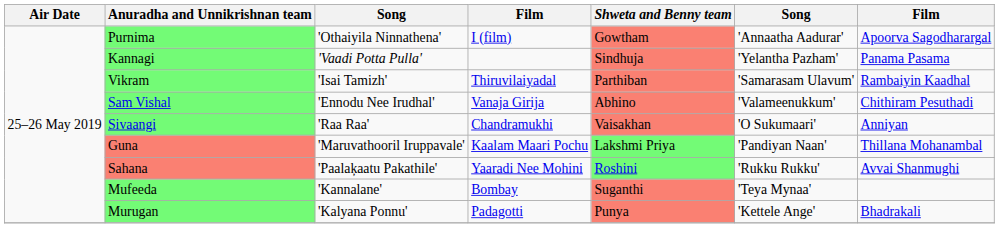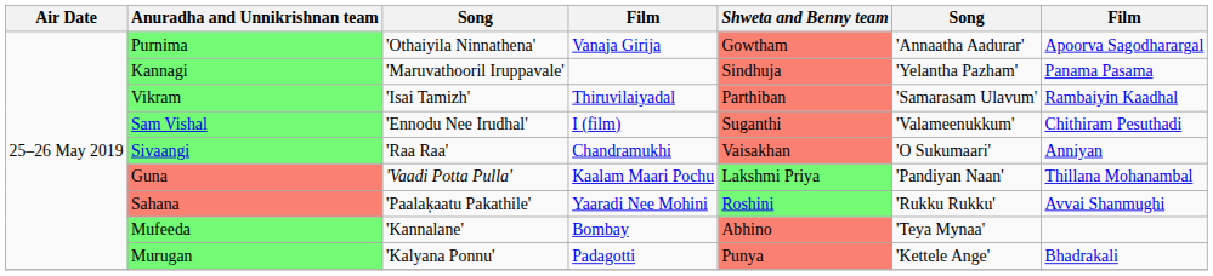 <table class="wikitable sortable">
 <tr>
 <th>Air Date</th>
 <th>Anuradha and Unnikrishnan team</th>
 <th>Song</th>
 <th>Film</th>
 <th><em>Shweta and Benny team</em></th>
 <th>Song</th>
 <th>Film</th>
 </tr>
 <tr>
 <td rowspan="9">25–26 May 2019</td>
 <td style="background:#73FB76;">Purnima</td>
 <td>'Othaiyila Ninnathena'</td>
-<td><a href='#'>I (film)</a></td>
+<td><a href='#'>Vanaja Girija</a></td>
 <td style="background:salmon">Gowtham</td>
 <td>'Annaatha Aadurar'</td>
 <td><a href='#'>Apoorva Sagodharargal</a></td>
 </tr>
 <tr>
 <td style="background:#73FB76;">Kannagi</td>
-<td><em> 'Vaadi Potta Pulla' </em></td>
+<td>'Maruvathooril Iruppavale'</td>
 <td></td>
 <td style="background:salmon">Sindhuja</td>
 <td>'Yelantha Pazham'</td>
 <td><a href='#'>Panama Pasama</a></td>
 </tr>
 <tr>
 <td style="background:#73FB76;">Vikram</td>
 <td>'Isai Tamizh'</td>
 <td><a href='#'>Thiruvilaiyadal</a></td>
 <td style="background:salmon">Parthiban</td>
 <td>'Samarasam Ulavum'</td>
 <td><a href='#'>Rambaiyin Kaadhal</a></td>
 </tr>
 <tr>
 <td style="background:#73FB76;"><a href='#'>Sam Vishal</a></td>
 <td>'Ennodu Nee Irudhal'</td>
-<td><a href='#'>Vanaja Girija</a></td>
-<td style="background:salmon">Abhino</td>
+<td><a href='#'>I (film)</a></td>
+<td style="background:salmon">Suganthi</td>
 <td>'Valameenukkum'</td>
 <td><a href='#'>Chithiram Pesuthadi</a></td>
 </tr>
 <tr>
 <td style="background:#73FB76;"><a href='#'>Sivaangi</a></td>
 <td>'Raa Raa'</td>
 <td><a href='#'>Chandramukhi</a></td>
 <td style="background:salmon">Vaisakhan</td>
 <td>'O Sukumaari'</td>
 <td><a href='#'>Anniyan</a></td>
 </tr>
 <tr>
 <td style="background:salmon">Guna</td>
-<td>'Maruvathooril Iruppavale'</td>
+<td><em> 'Vaadi Potta Pulla' </em></td>
 <td><a href='#'>Kaalam Maari Pochu</a></td>
 <td style="background:#73FB76">Lakshmi Priya</td>
 <td>'Pandiyan Naan'</td>
 <td><a href='#'>Thillana Mohanambal</a></td>
 </tr>
 <tr>
 <td style="background:salmon">Sahana</td>
 <td>'Paalaķaatu Pakathile'</td>
 <td><a href='#'>Yaaradi Nee Mohini</a></td>
 <td style="background:#73FB76"><a href='#'>Roshini</a></td>
 <td>'Rukku Rukku'</td>
 <td><a href='#'>Avvai Shanmughi</a></td>
 </tr>
 <tr>
 <td style="background:#73FB76;">Mufeeda</td>
 <td>'Kannalane'</td>
 <td><a href='#'>Bombay</a></td>
-<td style="background:salmon">Suganthi</td>
+<td style="background:salmon">Abhino</td>
 <td>'Teya Mynaa'</td>
 <td></td>
 </tr>
 <tr>
 <td style="background:#73FB76;">Murugan</td>
 <td>'Kalyana Ponnu'</td>
 <td><a href='#'>Padagotti</a></td>
 <td style="background:salmon">Punya</td>
 <td>'Kettele Ange'</td>
 <td><a href='#'>Bhadrakali</a></td>
 </tr>
 <tr>
 </tr>
 </table>
